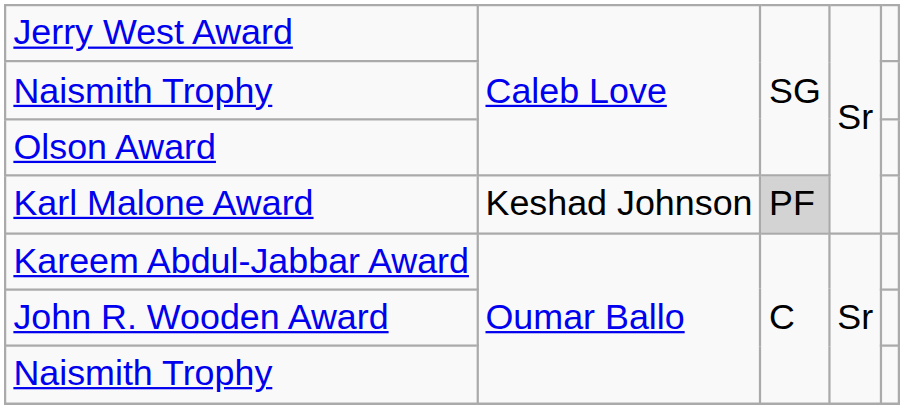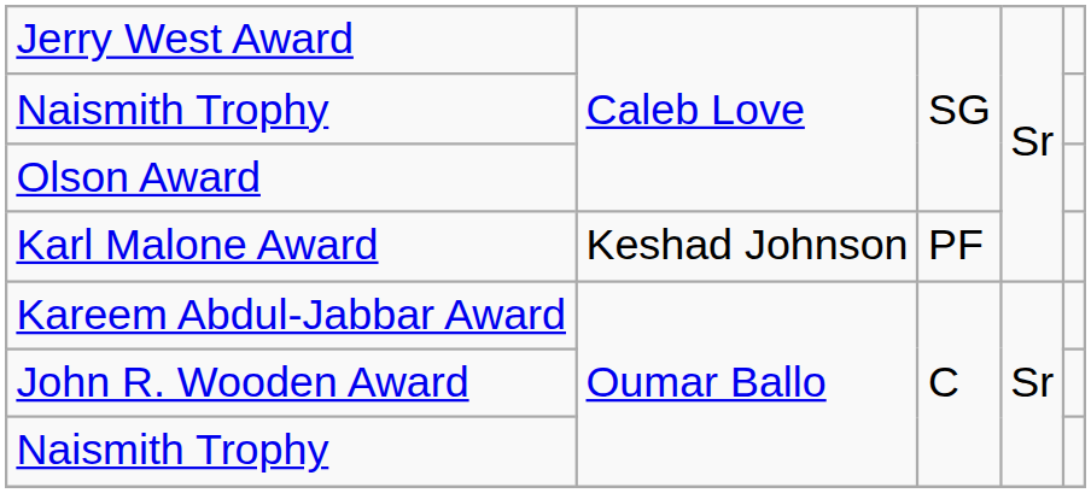 <table class="wikitable">
 <tr>
 <td><a href='#'>Jerry West Award</a></td>
 <td rowspan=3><a href='#'>Caleb Love</a></td>
 <td rowspan=3>SG</td>
 <td rowspan=4>Sr</td>
 <td></td>
 </tr>
 <tr>
 <td><a href='#'>Naismith Trophy</a></td>
 <td></td>
 </tr>
 <tr>
 <td><a href='#'>Olson Award</a></td>
 <td></td>
 </tr>
 <tr>
 <td><a href='#'>Karl Malone Award</a></td>
 <td>Keshad Johnson</td>
-<td style="background: lightgrey;">PF</td>
+<td>PF</td>
 <td></td>
 </tr>
 <tr>
 <td><a href='#'>Kareem Abdul-Jabbar Award</a></td>
 <td rowspan=3><a href='#'>Oumar Ballo</a></td>
 <td rowspan=3>C</td>
 <td rowspan=3> Sr</td>
 <td></td>
 </tr>
 <tr>
 <td><a href='#'>John R. Wooden Award</a></td>
 <td></td>
 </tr>
 <tr>
 <td><a href='#'>Naismith Trophy</a></td>
 <td></td>
 </tr>
 <tr>
 </tr>
 </table>
